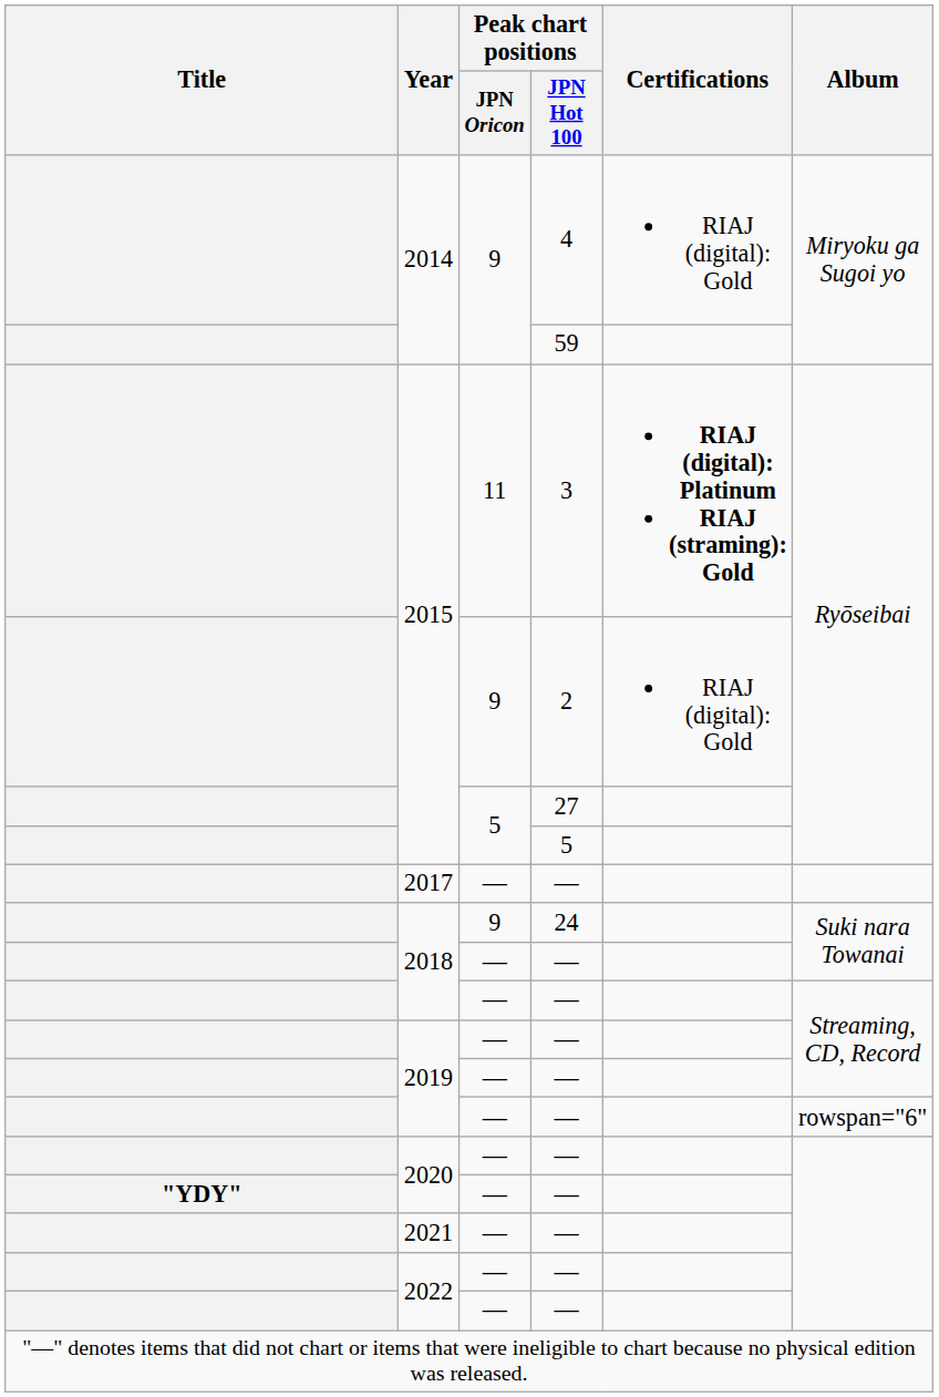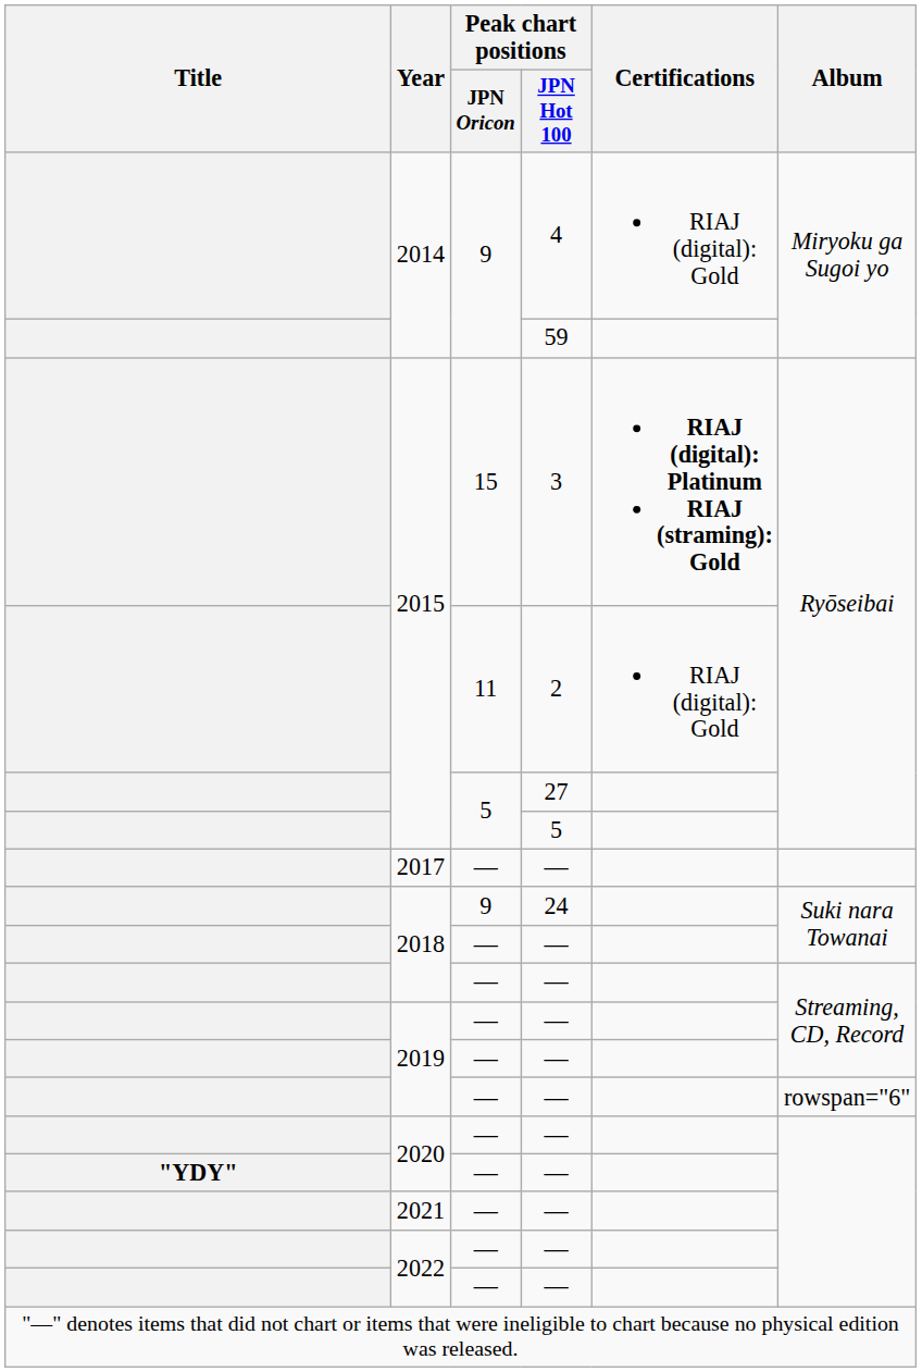 <table class="wikitable plainrowheaders" style="text-align:center;">
 <tr>
 <th scope="col" rowspan="2" style="width:16em;">Title</th>
 <th scope="col" rowspan="2">Year</th>
 <th scope="col" colspan="2">Peak chart positions</th>
 <th scope="col" rowspan="2">Certifications</th>
 <th scope="col" rowspan="2">Album</th>
 </tr>
 <tr>
 <th style="width:3em;font-size:85%">JPN <em>Oricon</em><br></th>
 <th style="width:3em;font-size:85%"><a href='#'>JPN Hot 100</a><br></th>
 </tr>
 <tr>
 <th scope="row"></th>
 <td rowspan="2">2014</td>
 <td rowspan="2">9</td>
 <td>4</td>
 <td><br><ul><li>RIAJ <span>(digital)</span>: Gold</li></ul></td>
 <td rowspan="2"><em>Miryoku ga Sugoi yo</em></td>
 </tr>
 <tr>
 <th scope="row"></th>
 <td>59</td>
 <td></td>
 </tr>
 <tr>
 <th scope="row"></th>
 <td rowspan="4">2015</td>
-<td>11</td>
+<td>15</td>
 <td>3</td>
 <td><strong><br><ul><li>RIAJ <span>(digital)</span>: Platinum</li><li>RIAJ <span>(straming)</span>: Gold</li></ul></strong></td>
 <td rowspan="4"><em>Ryōseibai</em></td>
 </tr>
 <tr>
 <th scope="row"></th>
-<td>9</td>
+<td>11</td>
 <td>2</td>
 <td><br><ul><li>RIAJ <span>(digital)</span>: Gold</li></ul></td>
 </tr>
 <tr>
 <th scope="row"></th>
 <td rowspan="2">5</td>
 <td>27</td>
 <td></td>
 </tr>
 <tr>
 <th scope="row"></th>
 <td>5</td>
 <td></td>
 </tr>
 <tr>
 <th scope="row"></th>
 <td>2017</td>
 <td>—</td>
 <td>—</td>
 <td></td>
 <td></td>
 </tr>
 <tr>
 <th scope="row"></th>
 <td rowspan="3">2018</td>
 <td>9</td>
 <td>24</td>
 <td></td>
 <td rowspan="2"><em>Suki nara Towanai</em></td>
 </tr>
 <tr>
 <th scope="row"></th>
 <td>—</td>
 <td>—</td>
 <td></td>
 </tr>
 <tr>
 <th scope="row"></th>
 <td>—</td>
 <td>—</td>
 <td></td>
 <td rowspan="3"><em>Streaming, CD, Record</em></td>
 </tr>
 <tr>
 <th scope="row"></th>
 <td rowspan="3">2019</td>
 <td>—</td>
 <td>—</td>
 <td></td>
 </tr>
 <tr>
 <th scope="row"></th>
 <td>—</td>
 <td>—</td>
 <td></td>
 </tr>
 <tr>
 <th scope="row"></th>
 <td>—</td>
 <td>—</td>
 <td></td>
 <td>rowspan="6" </td>
 </tr>
 <tr>
 <th scope="row"></th>
 <td rowspan="2">2020</td>
 <td>—</td>
 <td>—</td>
 <td></td>
 </tr>
 <tr>
 <th scope="row">"YDY"</th>
 <td>—</td>
 <td>—</td>
 <td></td>
 </tr>
 <tr>
 <th scope="row"></th>
 <td>2021</td>
 <td>—</td>
 <td>—</td>
 <td></td>
 </tr>
 <tr>
 <th scope="row"></th>
 <td rowspan="2">2022</td>
 <td>—</td>
 <td>—</td>
 <td></td>
 </tr>
 <tr>
 <th scope="row"></th>
 <td>—</td>
 <td>—</td>
 <td></td>
 </tr>
 <tr>
 <td colspan="6" align="center" style="font-size:90%;">"—" denotes items that did not chart or items that were ineligible to chart because no physical edition was released.</td>
 </tr>
 </table>
